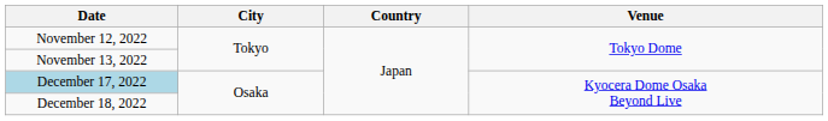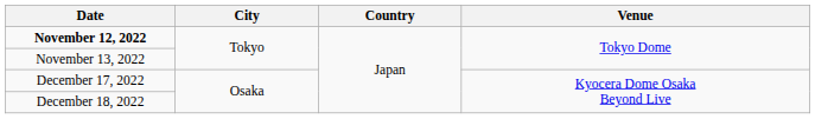 <table class="wikitable" style="text-align:center;">
 <tr>
 <th scope="col" style="width:12em;">Date</th>
 <th scope="col" style="width:10em;">City</th>
 <th scope="col" style="width:10em;">Country</th>
 <th scope="col" style="width:25em;">Venue</th>
 </tr>
 <tr>
-<td>November 12, 2022</td>
+<td><strong>November 12, 2022</strong></td>
 <td rowspan="2">Tokyo</td>
 <td rowspan="4">Japan</td>
 <td rowspan="2"><a href='#'>Tokyo Dome</a></td>
 </tr>
 <tr>
 <td>November 13, 2022</td>
 </tr>
 <tr>
-<td style="background: lightblue;">December 17, 2022</td>
+<td>December 17, 2022</td>
 <td rowspan="2">Osaka</td>
 <td rowspan="2"><a href='#'>Kyocera Dome Osaka</a><br><a href='#'>Beyond Live</a></td>
 </tr>
 <tr>
 <td>December 18, 2022</td>
 </tr>
 </table>
